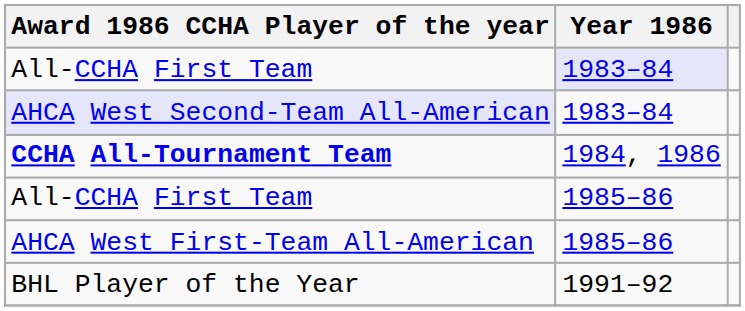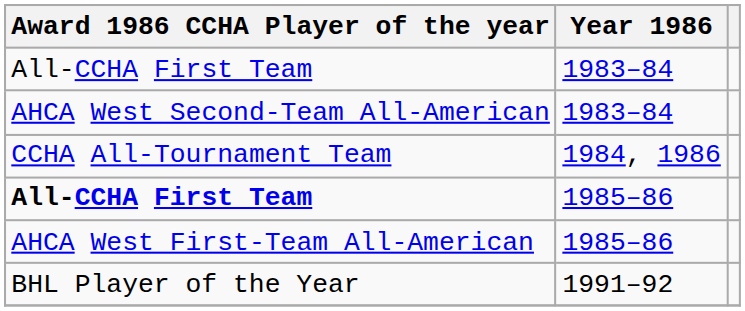 <table class="wikitable">
 <tr>
 <th>Award 1986 CCHA Player of the year</th>
 <th>Year 1986</th>
 <th></th>
 </tr>
 <tr>
 <td>All-<a href='#'>CCHA</a> <a href='#'>First Team</a></td>
-<td style="background: lavender;"><a href='#'>1983–84</a></td>
-<td></td>
-</tr>
-<tr>
-<td style="background: lavender;"><a href='#'>AHCA</a> <a href='#'>West Second-Team All-American</a></td>
 <td><a href='#'>1983–84</a></td>
 <td></td>
 </tr>
 <tr>
-<td><strong><a href='#'>CCHA</a> <a href='#'>All-Tournament Team</a></strong></td>
+<td><a href='#'>AHCA</a> <a href='#'>West Second-Team All-American</a></td>
+<td><a href='#'>1983–84</a></td>
+<td></td>
+</tr>
+<tr>
+<td><a href='#'>CCHA</a> <a href='#'>All-Tournament Team</a></td>
 <td><a href='#'>1984</a>, <a href='#'>1986</a></td>
 <td></td>
 </tr>
 <tr>
-<td>All-<a href='#'>CCHA</a> <a href='#'>First Team</a></td>
+<td><strong>All-<a href='#'>CCHA</a> <a href='#'>First Team</a></strong></td>
 <td><a href='#'>1985–86</a></td>
 <td></td>
 </tr>
 <tr>
 <td><a href='#'>AHCA</a> <a href='#'>West First-Team All-American</a></td>
 <td><a href='#'>1985–86</a></td>
 <td></td>
 </tr>
 <tr>
 <td>BHL Player of the Year</td>
 <td>1991–92</td>
 <td></td>
 </tr>
 <tr>
 </tr>
 </table>
